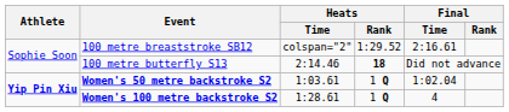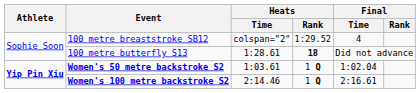 <table class=wikitable style="font-size:95%">
 <tr>
 <th rowspan="2">Athlete</th>
 <th rowspan="2">Event</th>
 <th colspan="2">Heats</th>
 <th colspan="2">Final</th>
 </tr>
 <tr>
 <th>Time</th>
 <th>Rank</th>
 <th>Time</th>
 <th>Rank</th>
 </tr>
 <tr align=center>
 <td align=left rowspan="2"><a href='#'>Sophie Soon</a></td>
 <td align=left><a href='#'>100 metre breaststroke SB12</a></td>
 <td>colspan="2" </td>
 <td>1:29.52</td>
-<td>2:16.61</td>
+<td>4</td>
 </tr>
 <tr align=center>
 <td align=left><a href='#'>100 metre butterfly S13</a></td>
-<td>2:14.46</td>
+<td>1:28.61</td>
 <td><strong>18</strong></td>
 <td colspan="2">Did not advance</td>
 </tr>
 <tr align=center>
 <td align=left rowspan="2"><strong><a href='#'>Yip Pin Xiu</a></strong></td>
 <td align=left><strong><a href='#'>Women's 50 metre backstroke S2</a></strong></td>
 <td>1:03.61</td>
 <td>1 <strong>Q</strong></td>
 <td>1:02.04</td>
 <td></td>
 </tr>
 <tr align=center>
 <td align=left><strong><a href='#'>Women's 100 metre backstroke S2</a></strong></td>
-<td>1:28.61</td>
+<td>2:14.46</td>
 <td>1 <strong>Q</strong></td>
-<td>4</td>
+<td>2:16.61</td>
 <td></td>
 </tr>
 </table>
